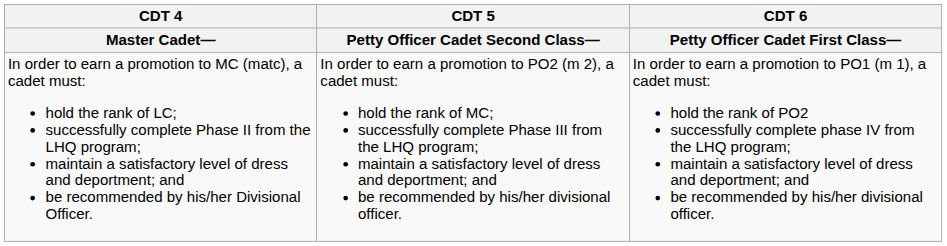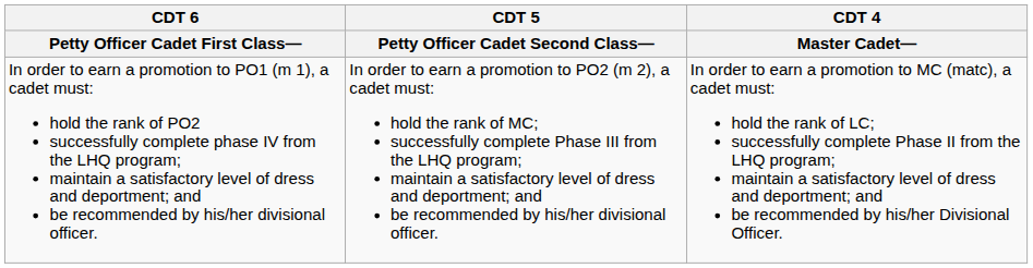 <table class="wikitable">
 <tr>
+<th><strong>CDT 6</strong></th>
+<th><strong>CDT 5</strong></th>
 <th><strong>CDT 4</strong></th>
-<th><strong>CDT 5</strong></th>
-<th><strong>CDT 6</strong></th>
 </tr>
 <tr>
+<th width="325">Petty Officer Cadet First Class—</th>
+<th width="325">Petty Officer Cadet Second Class—</th>
 <th align="center" width="325">Master Cadet—</th>
-<th width="325">Petty Officer Cadet Second Class—</th>
-<th width="325">Petty Officer Cadet First Class—</th>
 </tr>
 <tr>
+<td valign="top"> In order to earn a promotion to PO1 (m 1), a cadet must:<br><ul><li>hold the rank of PO2</li><li>successfully complete phase IV from the LHQ program;</li><li>maintain a satisfactory level of dress and deportment; and</li><li>be recommended by his/her divisional officer.</li></ul></td>
+<td valign="top"> In order to earn a promotion to PO2 (m 2), a cadet must:<br><ul><li>hold the rank of MC;</li><li>successfully complete Phase III from the LHQ program;</li><li>maintain a satisfactory level of dress and deportment; and</li><li>be recommended by his/her divisional officer.</li></ul></td>
 <td valign="top"> In order to earn a promotion to MC (matc), a cadet must:<br><ul><li>hold the rank of LC;</li><li>successfully complete Phase II from the LHQ program;</li><li>maintain a satisfactory level of dress and deportment; and</li><li>be recommended by his/her Divisional Officer.</li></ul></td>
-<td valign="top"> In order to earn a promotion to PO2 (m 2), a cadet must:<br><ul><li>hold the rank of MC;</li><li>successfully complete Phase III from the LHQ program;</li><li>maintain a satisfactory level of dress and deportment; and</li><li>be recommended by his/her divisional officer.</li></ul></td>
-<td valign="top"> In order to earn a promotion to PO1 (m 1), a cadet must:<br><ul><li>hold the rank of PO2</li><li>successfully complete phase IV from the LHQ program;</li><li>maintain a satisfactory level of dress and deportment; and</li><li>be recommended by his/her divisional officer.</li></ul></td>
 </tr>
 </table>
